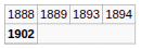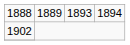 <table class="wikitable">
 <tr>
 <td>1888</td>
 <td>1889</td>
 <td>1893</td>
 <td>1894</td>
 </tr>
 <tr>
-<td><strong>1902</strong></td>
+<td>1902</td>
 </tr>
 <tr>
 </tr>
 </table>
